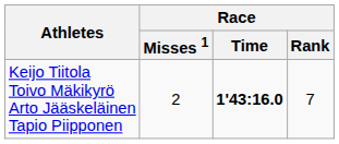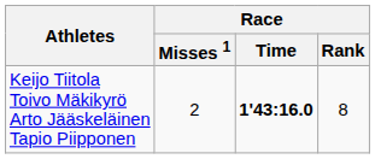 <table class="wikitable" border="1" style="font-size:90%">
 <tr>
 <th rowspan=2>Athletes</th>
 <th colspan=3>Race</th>
 </tr>
 <tr>
 <th>Misses <sup>1</sup></th>
 <th>Time</th>
 <th>Rank</th>
 </tr>
 <tr>
 <td><a href='#'>Keijo Tiitola</a><br><a href='#'>Toivo Mäkikyrö</a><br><a href='#'>Arto Jääskeläinen</a><br><a href='#'>Tapio Piipponen</a></td>
 <td align=center>2</td>
 <td align=center><strong>1'43:16.0</strong></td>
-<td align=center>7</td>
+<td align=center>8</td>
 </tr>
 </table>
